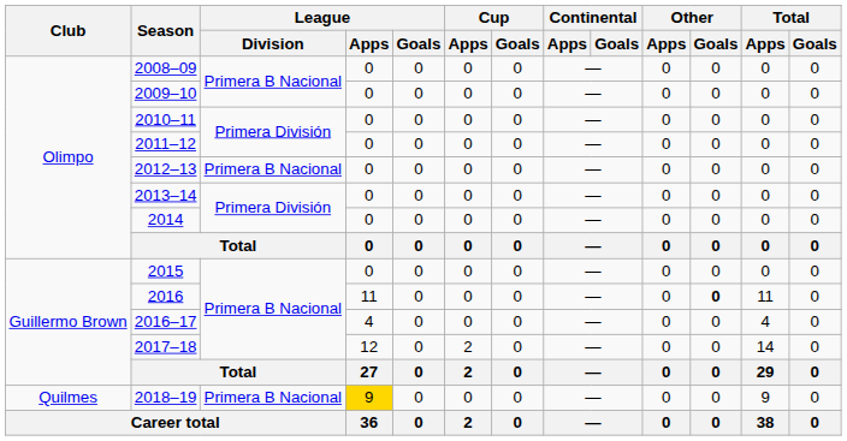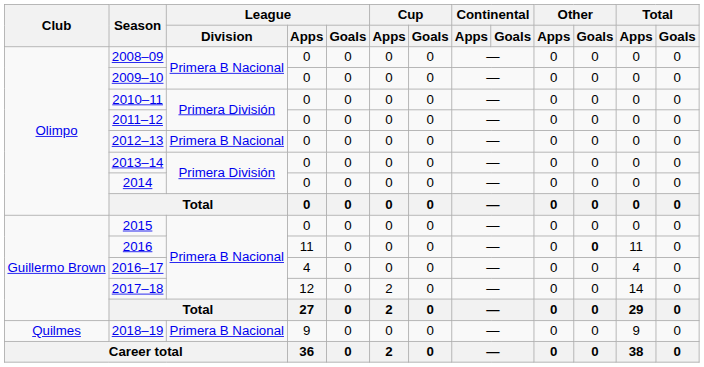 <table class="wikitable" style="text-align:center">
 <tr>
 <th rowspan="2">Club</th>
 <th rowspan="2">Season</th>
 <th colspan="3">League</th>
 <th colspan="2">Cup</th>
 <th colspan="2">Continental</th>
 <th colspan="2">Other</th>
 <th colspan="2">Total</th>
 </tr>
 <tr>
 <th>Division</th>
 <th>Apps</th>
 <th>Goals</th>
 <th>Apps</th>
 <th>Goals</th>
 <th>Apps</th>
 <th>Goals</th>
 <th>Apps</th>
 <th>Goals</th>
 <th>Apps</th>
 <th>Goals</th>
 </tr>
 <tr>
 <td rowspan="8"><a href='#'>Olimpo</a></td>
 <td><a href='#'>2008–09</a></td>
 <td rowspan="2"><a href='#'>Primera B Nacional</a></td>
 <td>0</td>
 <td>0</td>
 <td>0</td>
 <td>0</td>
 <td colspan="2">—</td>
 <td>0</td>
 <td>0</td>
 <td>0</td>
 <td>0</td>
 </tr>
 <tr>
 <td><a href='#'>2009–10</a></td>
 <td>0</td>
 <td>0</td>
 <td>0</td>
 <td>0</td>
 <td colspan="2">—</td>
 <td>0</td>
 <td>0</td>
 <td>0</td>
 <td>0</td>
 </tr>
 <tr>
 <td><a href='#'>2010–11</a></td>
 <td rowspan="2"><a href='#'>Primera División</a></td>
 <td>0</td>
 <td>0</td>
 <td>0</td>
 <td>0</td>
 <td colspan="2">—</td>
 <td>0</td>
 <td>0</td>
 <td>0</td>
 <td>0</td>
 </tr>
 <tr>
 <td><a href='#'>2011–12</a></td>
 <td>0</td>
 <td>0</td>
 <td>0</td>
 <td>0</td>
 <td colspan="2">—</td>
 <td>0</td>
 <td>0</td>
 <td>0</td>
 <td>0</td>
 </tr>
 <tr>
 <td><a href='#'>2012–13</a></td>
 <td rowspan="1"><a href='#'>Primera B Nacional</a></td>
 <td>0</td>
 <td>0</td>
 <td>0</td>
 <td>0</td>
 <td colspan="2">—</td>
 <td>0</td>
 <td>0</td>
 <td>0</td>
 <td>0</td>
 </tr>
 <tr>
 <td><a href='#'>2013–14</a></td>
 <td rowspan="2"><a href='#'>Primera División</a></td>
 <td>0</td>
 <td>0</td>
 <td>0</td>
 <td>0</td>
 <td colspan="2">—</td>
 <td>0</td>
 <td>0</td>
 <td>0</td>
 <td>0</td>
 </tr>
 <tr>
 <td><a href='#'>2014</a></td>
 <td>0</td>
 <td>0</td>
 <td>0</td>
 <td>0</td>
 <td colspan="2">—</td>
 <td>0</td>
 <td>0</td>
 <td>0</td>
 <td>0</td>
 </tr>
 <tr>
 <th colspan="2">Total</th>
 <th>0</th>
 <th>0</th>
 <th>0</th>
 <th>0</th>
 <th colspan="2">—</th>
 <th>0</th>
 <th>0</th>
 <th>0</th>
 <th>0</th>
 </tr>
 <tr>
 <td rowspan="5"><a href='#'>Guillermo Brown</a></td>
 <td><a href='#'>2015</a></td>
 <td rowspan="4"><a href='#'>Primera B Nacional</a></td>
 <td>0</td>
 <td>0</td>
 <td>0</td>
 <td>0</td>
 <td colspan="2">—</td>
 <td>0</td>
 <td>0</td>
 <td>0</td>
 <td>0</td>
 </tr>
 <tr>
 <td><a href='#'>2016</a></td>
 <td>11</td>
 <td>0</td>
 <td>0</td>
 <td>0</td>
 <td colspan="2">—</td>
 <td>0</td>
 <td><strong>0</strong></td>
 <td>11</td>
 <td>0</td>
 </tr>
 <tr>
 <td><a href='#'>2016–17</a></td>
 <td>4</td>
 <td>0</td>
 <td>0</td>
 <td>0</td>
 <td colspan="2">—</td>
 <td>0</td>
 <td>0</td>
 <td>4</td>
 <td>0</td>
 </tr>
 <tr>
 <td><a href='#'>2017–18</a></td>
 <td>12</td>
 <td>0</td>
 <td>2</td>
 <td>0</td>
 <td colspan="2">—</td>
 <td>0</td>
 <td>0</td>
 <td>14</td>
 <td>0</td>
 </tr>
 <tr>
 <th colspan="2">Total</th>
 <th>27</th>
 <th>0</th>
 <th>2</th>
 <th>0</th>
 <th colspan="2">—</th>
 <th>0</th>
 <th>0</th>
 <th>29</th>
 <th>0</th>
 </tr>
 <tr>
 <td rowspan="1"><a href='#'>Quilmes</a></td>
 <td><a href='#'>2018–19</a></td>
 <td rowspan="1"><a href='#'>Primera B Nacional</a></td>
-<td style="background: gold;">9</td>
+<td>9</td>
 <td>0</td>
 <td>0</td>
 <td>0</td>
 <td colspan="2">—</td>
 <td>0</td>
 <td>0</td>
 <td>9</td>
 <td>0</td>
 </tr>
 <tr>
 <th colspan="3">Career total</th>
 <th>36</th>
 <th>0</th>
 <th>2</th>
 <th>0</th>
 <th colspan="2">—</th>
 <th>0</th>
 <th>0</th>
 <th>38</th>
 <th>0</th>
 </tr>
 </table>
